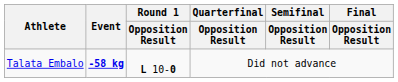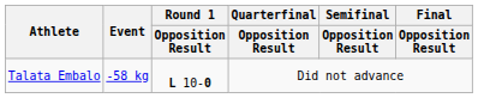 <table class=wikitable style=font-size:90%>
 <tr>
 <th rowspan=2>Athlete</th>
 <th rowspan=2>Event</th>
 <th>Round 1</th>
 <th>Quarterfinal</th>
 <th>Semifinal</th>
 <th>Final</th>
 </tr>
 <tr>
 <th>Opposition<br>Result</th>
 <th>Opposition<br>Result</th>
 <th>Opposition<br>Result</th>
 <th>Opposition<br>Result</th>
 </tr>
 <tr>
 <td><a href='#'>Talata Embalo</a></td>
-<td><strong><a href='#'>-58 kg</a></strong></td>
+<td><a href='#'>-58 kg</a></td>
 <td align=center><br><strong>L</strong> 10-<strong>0</strong></td>
 <td align=center colspan=4>Did not advance</td>
 </tr>
 </table>
